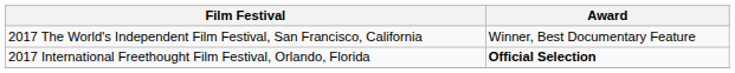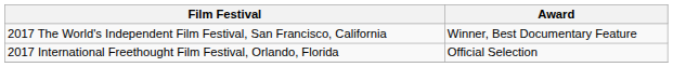 <table class="wikitable sortable" style="width:99%;">
 <tr style="background:#ccc;">
 <th>Film Festival</th>
 <th>Award</th>
 </tr>
 <tr>
 <td>2017 The World's Independent Film Festival, San Francisco, California</td>
 <td>Winner, Best Documentary Feature </td>
 </tr>
 <tr>
 <td>2017 International Freethought Film Festival, Orlando, Florida</td>
-<td><strong>Official Selection</strong></td>
+<td>Official Selection</td>
 </tr>
 <tr>
 </tr>
 </table>
